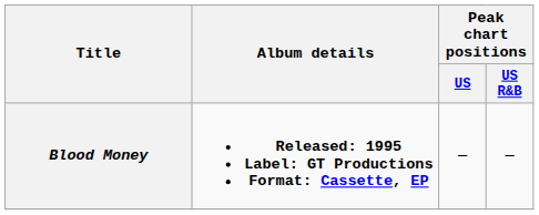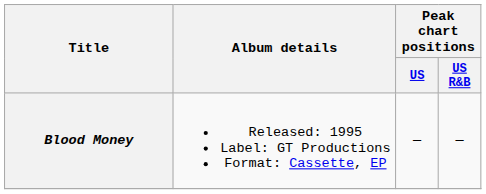 <table class="wikitable plainrowheaders" style="text-align:center;">
 <tr>
 <th scope="col" rowspan="2" style="width:12em;">Title</th>
 <th scope="col" rowspan="2" style="width:16em;">Album details</th>
 <th scope="col" colspan="2">Peak chart positions</th>
 </tr>
 <tr>
 <th scope="col" style="width:3em;font-size:90%;"><a href='#'>US</a></th>
 <th scope="col" style="width:3em;font-size:90%;"><a href='#'>US R&B</a></th>
 </tr>
 <tr>
 <th scope="row"><em>Blood Money</em></th>
-<td><strong><br><ul><li>Released: 1995</li><li>Label: GT Productions</li><li>Format: <a href='#'>Cassette</a>, <a href='#'>EP</a></li></ul></strong></td>
+<td><br><ul><li>Released: 1995</li><li>Label: GT Productions</li><li>Format: <a href='#'>Cassette</a>, <a href='#'>EP</a></li></ul></td>
 <td>—</td>
 <td>—</td>
 </tr>
 <tr>
 </tr>
 </table>
